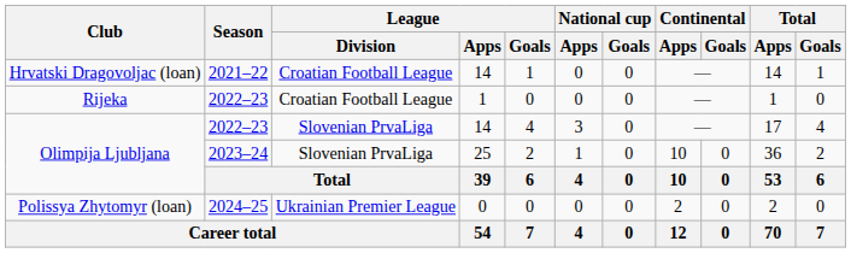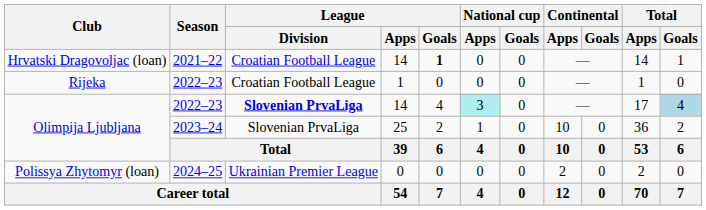 <table class="wikitable" style="text-align:center">
 <tr>
 <th rowspan=2>Club</th>
 <th rowspan=2>Season</th>
 <th colspan=3>League</th>
 <th colspan=2>National cup</th>
 <th colspan=2>Continental</th>
 <th colspan=2>Total</th>
 </tr>
 <tr>
 <th>Division</th>
 <th>Apps</th>
 <th>Goals</th>
 <th>Apps</th>
 <th>Goals</th>
 <th>Apps</th>
 <th>Goals</th>
 <th>Apps</th>
 <th>Goals</th>
 </tr>
 <tr>
 <td><a href='#'>Hrvatski Dragovoljac</a> (loan)</td>
 <td><a href='#'>2021–22</a></td>
 <td><a href='#'>Croatian Football League</a></td>
 <td>14</td>
-<td>1</td>
+<td><strong>1</strong></td>
 <td>0</td>
 <td>0</td>
 <td colspan=2>—</td>
 <td>14</td>
 <td>1</td>
 </tr>
 <tr>
 <td><a href='#'>Rijeka</a></td>
 <td><a href='#'>2022–23</a></td>
 <td>Croatian Football League</td>
 <td>1</td>
 <td>0</td>
 <td>0</td>
 <td>0</td>
 <td colspan=2>—</td>
 <td>1</td>
 <td>0</td>
 </tr>
 <tr>
 <td rowspan=3><a href='#'>Olimpija Ljubljana</a></td>
 <td><a href='#'>2022–23</a></td>
-<td><a href='#'>Slovenian PrvaLiga</a></td>
+<td><strong><a href='#'>Slovenian PrvaLiga</a></strong></td>
 <td>14</td>
 <td>4</td>
-<td>3</td>
+<td style="background: paleturquoise;">3</td>
 <td>0</td>
 <td colspan=2>—</td>
 <td>17</td>
-<td>4</td>
+<td style="background: lightblue;">4</td>
 </tr>
 <tr>
 <td><a href='#'>2023–24</a></td>
 <td>Slovenian PrvaLiga</td>
 <td>25</td>
 <td>2</td>
 <td>1</td>
 <td>0</td>
 <td>10</td>
 <td>0</td>
 <td>36</td>
 <td>2</td>
 </tr>
 <tr>
 <th colspan=2>Total</th>
 <th>39</th>
 <th>6</th>
 <th>4</th>
 <th>0</th>
 <th>10</th>
 <th>0</th>
 <th>53</th>
 <th>6</th>
 </tr>
 <tr>
 <td><a href='#'>Polissya Zhytomyr</a> (loan)</td>
 <td><a href='#'>2024–25</a></td>
 <td><a href='#'>Ukrainian Premier League</a></td>
 <td>0</td>
 <td>0</td>
 <td>0</td>
 <td>0</td>
 <td>2</td>
 <td>0</td>
 <td>2</td>
 <td>0</td>
 </tr>
 <tr>
 <th colspan=3>Career total</th>
 <th>54</th>
 <th>7</th>
 <th>4</th>
 <th>0</th>
 <th>12</th>
 <th>0</th>
 <th>70</th>
 <th>7</th>
 </tr>
 </table>
